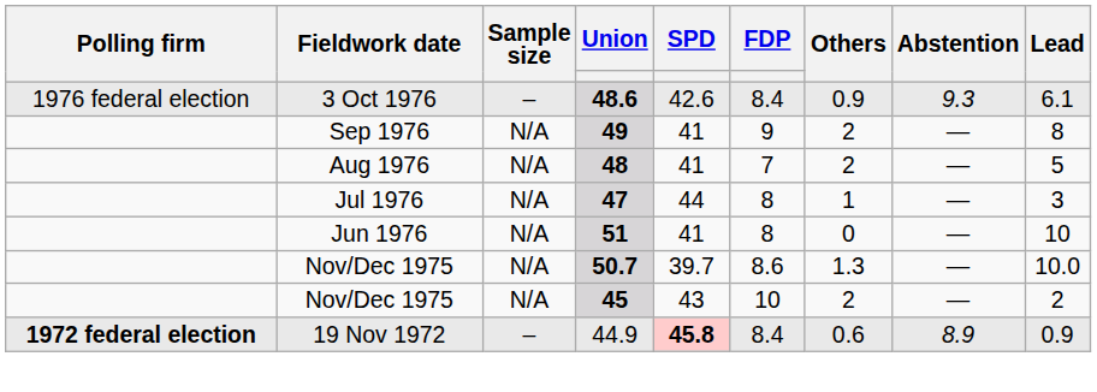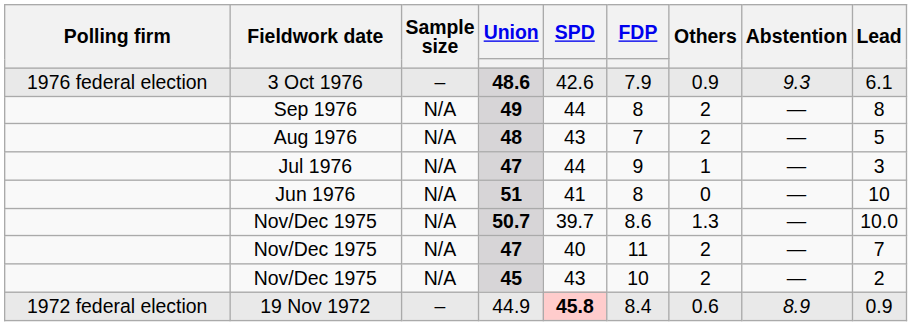 <table class="wikitable sortable collapsible" style="text-align:center;font-size:90%;line-height:14px;">
 <tr style="height:40px;">
 <th style="width:160px;" rowspan="2">Polling firm</th>
 <th style="width:120px;" rowspan="2">Fieldwork date</th>
 <th style="width:35px;" rowspan="2">Sample<br>size</th>
 <th class="unsortable" style="width:40px;"><a href='#'>Union</a></th>
 <th class="unsortable" style="width:40px;"><a href='#'>SPD</a></th>
 <th class="unsortable" style="width:40px;"><a href='#'>FDP</a></th>
 <th class="unsortable" style="width:40px;" rowspan="2">Others</th>
 <th class="unsortable" style="width:40px;" rowspan="2">Abstention</th>
 <th style="width:30px;" rowspan="2">Lead</th>
 </tr>
 <tr>
 <th style="background:"></th>
 <th style="background:"></th>
 <th style="background:"></th>
 </tr>
 <tr style="background:#E9E9E9;">
 <td>1976 federal election</td>
 <td data-sort-value="1976-10-03">3 Oct 1976</td>
 <td>–</td>
 <td style="background:#D7D5D7;"><strong>48.6</strong></td>
 <td>42.6</td>
-<td>8.4</td>
+<td>7.9</td>
 <td>0.9</td>
 <td><em>9.3</em></td>
 <td style="background:">6.1</td>
 </tr>
 <tr>
 <td></td>
 <td data-sort-value="1976-09-01">Sep 1976</td>
 <td>N/A</td>
 <td style="background:#D7D5D7;"><strong>49</strong></td>
-<td>41</td>
-<td>9</td>
+<td>44</td>
+<td>8</td>
 <td>2</td>
 <td>—</td>
 <td style="background:">8</td>
 </tr>
 <tr>
 <td></td>
 <td data-sort-value="1976-08-01">Aug 1976</td>
 <td>N/A</td>
 <td style="background:#D7D5D7;"><strong>48</strong></td>
-<td>41</td>
+<td>43</td>
 <td>7</td>
 <td>2</td>
 <td>—</td>
 <td style="background:">5</td>
 </tr>
 <tr>
 <td></td>
 <td data-sort-value="1976-07-01">Jul 1976</td>
 <td>N/A</td>
 <td style="background:#D7D5D7;"><strong>47</strong></td>
 <td>44</td>
-<td>8</td>
+<td>9</td>
 <td>1</td>
 <td>—</td>
 <td style="background:">3</td>
 </tr>
 <tr>
 <td></td>
 <td data-sort-value="1976-06-01">Jun 1976</td>
 <td>N/A</td>
 <td style="background:#D7D5D7;"><strong>51</strong></td>
 <td>41</td>
 <td>8</td>
 <td>0</td>
 <td>—</td>
 <td style="background:">10</td>
 </tr>
 <tr>
 <td></td>
 <td data-sort-value="1975-11-30">Nov/Dec 1975</td>
 <td>N/A</td>
 <td style="background:#D7D5D7;"><strong>50.7</strong></td>
 <td>39.7</td>
 <td>8.6</td>
 <td>1.3</td>
 <td>—</td>
 <td style="background:">10.0</td>
 </tr>
 <tr>
 <td></td>
 <td data-sort-value="1975-11-30">Nov/Dec 1975</td>
 <td>N/A</td>
+<td style="background:#D7D5D7;"><strong>47</strong></td>
+<td>40</td>
+<td>11</td>
+<td>2</td>
+<td>—</td>
+<td style="background:">7</td>
+</tr>
+<tr>
+<td></td>
+<td data-sort-value="1975-11-30">Nov/Dec 1975</td>
+<td>N/A</td>
 <td style="background:#D7D5D7;"><strong>45</strong></td>
 <td>43</td>
 <td>10</td>
 <td>2</td>
 <td>—</td>
 <td style="background:">2</td>
 </tr>
 <tr style="background:#E9E9E9;">
-<td><strong>1972 federal election</strong></td>
+<td>1972 federal election</td>
 <td data-sort-value="1972-11-19">19 Nov 1972</td>
 <td>–</td>
 <td>44.9</td>
 <td style="background:#FFCCCC;"><strong>45.8</strong></td>
 <td>8.4</td>
 <td>0.6</td>
 <td><em>8.9</em></td>
 <td style="background:">0.9</td>
 </tr>
 </table>
